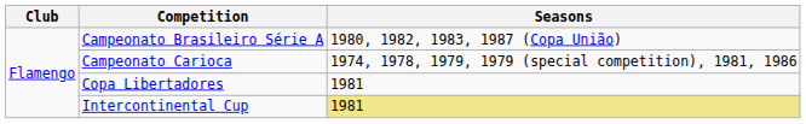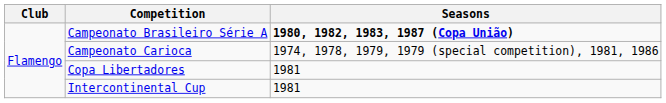 <table class="wikitable sortable">
 <tr>
 <th>Club</th>
 <th>Competition</th>
 <th>Seasons</th>
 </tr>
 <tr>
 <td rowspan=4><a href='#'>Flamengo</a></td>
 <td><a href='#'>Campeonato Brasileiro Série A</a></td>
-<td>1980, 1982, 1983, 1987 (<a href='#'>Copa União</a>)</td>
+<td><strong>1980, 1982, 1983, 1987 (<a href='#'>Copa União</a>)</strong></td>
 </tr>
 <tr>
 <td><a href='#'>Campeonato Carioca</a></td>
 <td>1974, 1978, 1979, 1979 (special competition), 1981, 1986</td>
 </tr>
 <tr>
 <td><a href='#'>Copa Libertadores</a></td>
 <td>1981</td>
 </tr>
 <tr>
 <td><a href='#'>Intercontinental Cup</a></td>
-<td style="background: khaki;">1981</td>
+<td>1981</td>
 </tr>
 </table>
